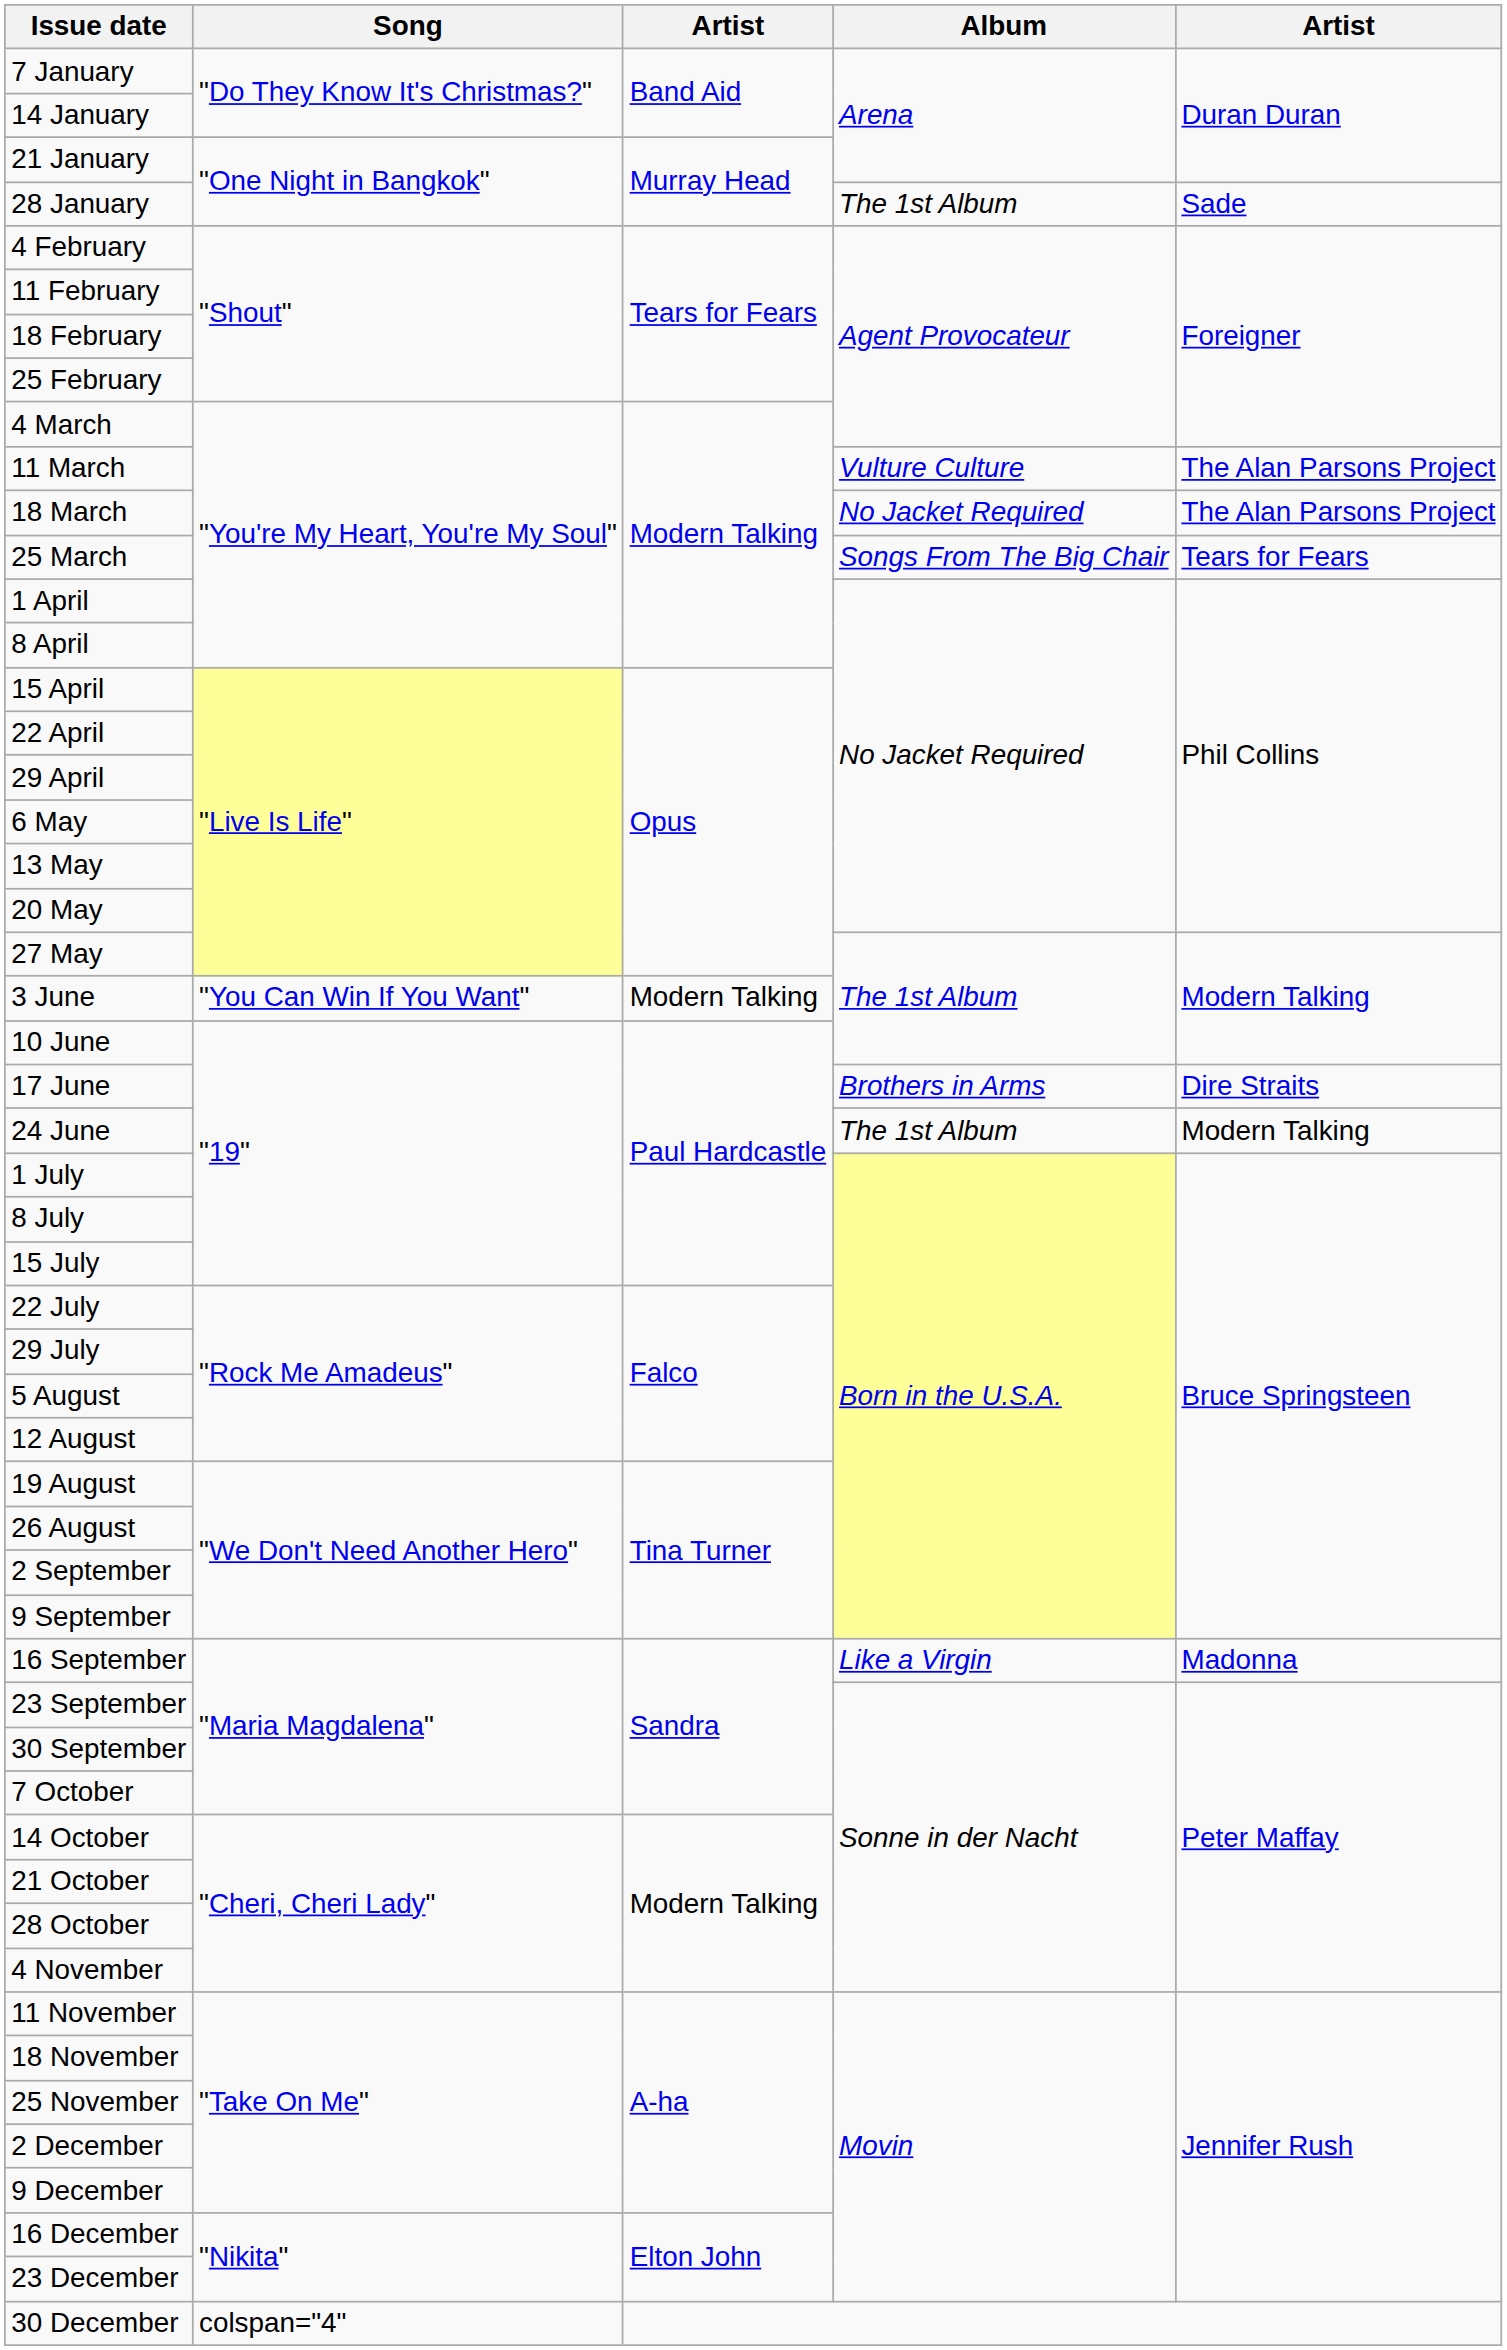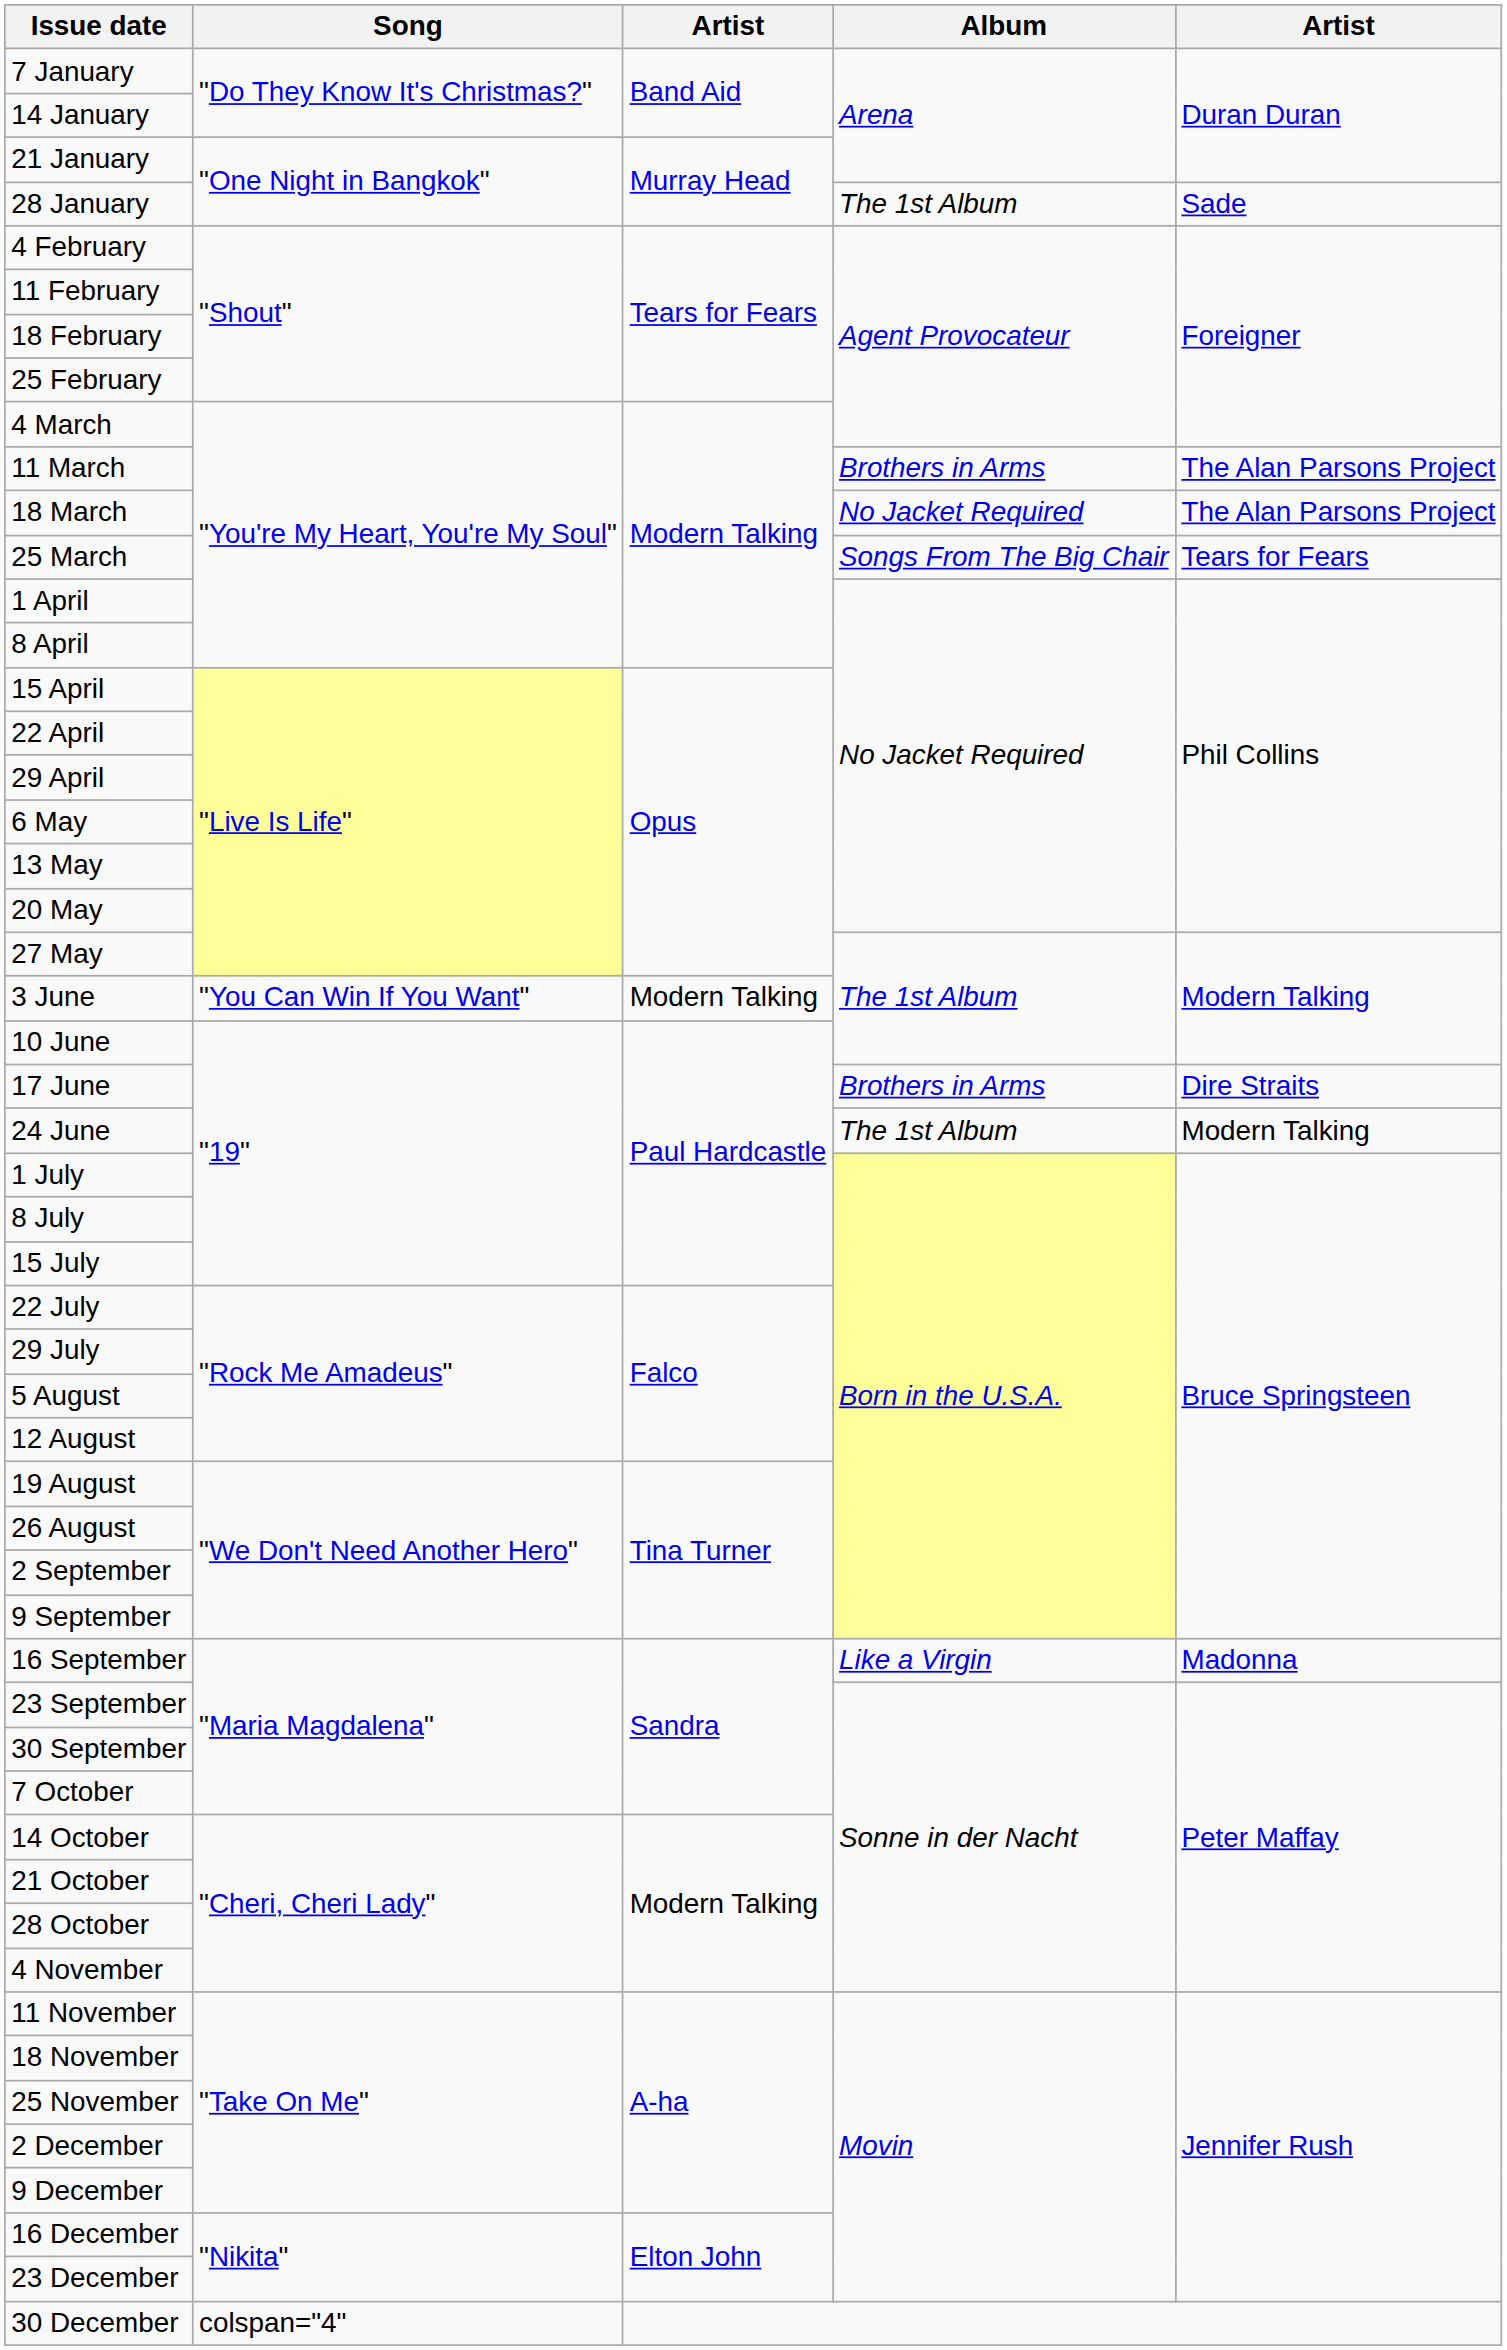 <table class="sortable wikitable">
 <tr>
 <th>Issue date</th>
 <th>Song</th>
 <th>Artist</th>
 <th>Album</th>
 <th>Artist</th>
 </tr>
 <tr>
 <td>7 January</td>
 <td rowspan="2">"<a href='#'>Do They Know It's Christmas?</a>"</td>
 <td rowspan="2"><a href='#'>Band Aid</a></td>
 <td rowspan="3"><a href='#'><em>Arena</em></a></td>
 <td rowspan="3"><a href='#'>Duran Duran</a></td>
 </tr>
 <tr>
 <td>14 January</td>
 </tr>
 <tr>
 <td>21 January</td>
 <td rowspan="2">"<a href='#'>One Night in Bangkok</a>"</td>
 <td rowspan="2"><a href='#'>Murray Head</a></td>
 </tr>
 <tr>
 <td>28 January</td>
 <td><em>The 1st Album</em></td>
 <td><a href='#'>Sade</a></td>
 </tr>
 <tr>
 <td>4 February</td>
 <td rowspan="4">"<a href='#'>Shout</a>"</td>
 <td rowspan="4"><a href='#'>Tears for Fears</a></td>
 <td rowspan="5"><a href='#'><em>Agent Provocateur</em></a></td>
 <td rowspan="5"><a href='#'>Foreigner</a></td>
 </tr>
 <tr>
 <td>11 February</td>
 </tr>
 <tr>
 <td>18 February</td>
 </tr>
 <tr>
 <td>25 February</td>
 </tr>
 <tr>
 <td>4 March</td>
 <td rowspan="6">"<a href='#'>You're My Heart, You're My Soul</a>"</td>
 <td rowspan="6"><a href='#'>Modern Talking</a></td>
 </tr>
 <tr>
 <td>11 March</td>
-<td><em><a href='#'>Vulture Culture</a></em></td>
+<td><a href='#'><em>Brothers in Arms</em></a></td>
 <td><a href='#'>The Alan Parsons Project</a></td>
 </tr>
 <tr>
 <td>18 March</td>
 <td><em><a href='#'>No Jacket Required</a></em></td>
 <td><a href='#'>The Alan Parsons Project</a></td>
 </tr>
 <tr>
 <td>25 March</td>
 <td><em><a href='#'>Songs From The Big Chair</a></em></td>
 <td><a href='#'>Tears for Fears</a></td>
 </tr>
 <tr>
 <td>1 April</td>
 <td rowspan="8"><em>No Jacket Required</em></td>
 <td rowspan="8">Phil Collins</td>
 </tr>
 <tr>
 <td>8 April</td>
 </tr>
 <tr>
 <td>15 April</td>
 <td bgcolor=#FFFF99 rowspan="7">"<a href='#'>Live Is Life</a>" </td>
 <td rowspan="7"><a href='#'>Opus</a></td>
 </tr>
 <tr>
 <td>22 April</td>
 </tr>
 <tr>
 <td>29 April</td>
 </tr>
 <tr>
 <td>6 May</td>
 </tr>
 <tr>
 <td>13 May</td>
 </tr>
 <tr>
 <td>20 May</td>
 </tr>
 <tr>
 <td>27 May</td>
 <td rowspan="3"><a href='#'><em>The 1st Album</em></a></td>
 <td rowspan="3"><a href='#'>Modern Talking</a></td>
 </tr>
 <tr>
 <td>3 June</td>
 <td>"<a href='#'>You Can Win If You Want</a>"</td>
 <td>Modern Talking</td>
 </tr>
 <tr>
 <td>10 June</td>
 <td rowspan="6">"<a href='#'>19</a>"</td>
 <td rowspan="6"><a href='#'>Paul Hardcastle</a></td>
 </tr>
 <tr>
 <td>17 June</td>
 <td><a href='#'><em>Brothers in Arms</em></a></td>
 <td><a href='#'>Dire Straits</a></td>
 </tr>
 <tr>
 <td>24 June</td>
 <td><em>The 1st Album</em></td>
 <td>Modern Talking</td>
 </tr>
 <tr>
 <td>1 July</td>
 <td bgcolor=#FFFF99 rowspan="11"><em><a href='#'>Born in the U.S.A.</a></em> </td>
 <td rowspan="11"><a href='#'>Bruce Springsteen</a></td>
 </tr>
 <tr>
 <td>8 July</td>
 </tr>
 <tr>
 <td>15 July</td>
 </tr>
 <tr>
 <td>22 July</td>
 <td rowspan="4">"<a href='#'>Rock Me Amadeus</a>"</td>
 <td rowspan="4"><a href='#'>Falco</a></td>
 </tr>
 <tr>
 <td>29 July</td>
 </tr>
 <tr>
 <td>5 August</td>
 </tr>
 <tr>
 <td>12 August</td>
 </tr>
 <tr>
 <td>19 August</td>
 <td rowspan="4">"<a href='#'>We Don't Need Another Hero</a>"</td>
 <td rowspan="4"><a href='#'>Tina Turner</a></td>
 </tr>
 <tr>
 <td>26 August</td>
 </tr>
 <tr>
 <td>2 September</td>
 </tr>
 <tr>
 <td>9 September</td>
 </tr>
 <tr>
 <td>16 September</td>
 <td rowspan="4">"<a href='#'>Maria Magdalena</a>"</td>
 <td rowspan="4"><a href='#'>Sandra</a></td>
 <td><a href='#'><em>Like a Virgin</em></a></td>
 <td><a href='#'>Madonna</a></td>
 </tr>
 <tr>
 <td>23 September</td>
 <td rowspan="7"><em>Sonne in der Nacht</em></td>
 <td rowspan="7"><a href='#'>Peter Maffay</a></td>
 </tr>
 <tr>
 <td>30 September</td>
 </tr>
 <tr>
 <td>7 October</td>
 </tr>
 <tr>
 <td>14 October</td>
 <td rowspan="4">"<a href='#'>Cheri, Cheri Lady</a>"</td>
 <td rowspan="4">Modern Talking</td>
 </tr>
 <tr>
 <td>21 October</td>
 </tr>
 <tr>
 <td>28 October</td>
 </tr>
 <tr>
 <td>4 November</td>
 </tr>
 <tr>
 <td>11 November</td>
 <td rowspan="5">"<a href='#'>Take On Me</a>"</td>
 <td rowspan="5"><a href='#'>A-ha</a></td>
 <td rowspan="7"><a href='#'><em>Movin<strong></a></td>
 <td rowspan="7"><a href='#'>Jennifer Rush</a></td>
 </tr>
 <tr>
 <td>18 November</td>
 </tr>
 <tr>
 <td>25 November</td>
 </tr>
 <tr>
 <td>2 December</td>
 </tr>
 <tr>
 <td>9 December</td>
 </tr>
 <tr>
 <td>16 December</td>
 <td rowspan="2">"<a href='#'>Nikita</a>"</td>
 <td rowspan="2"><a href='#'>Elton John</a></td>
 </tr>
 <tr>
 <td>23 December</td>
 </tr>
 <tr>
 <td>30 December</td>
 <td>colspan="4" </td>
 </tr>
 </table>
